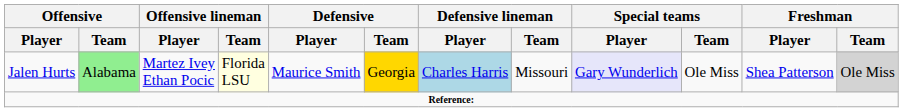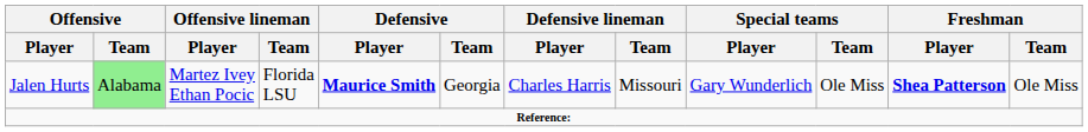 <table class="wikitable">
 <tr>
 <th colspan="2">Offensive</th>
 <th colspan="2">Offensive lineman</th>
 <th colspan="2">Defensive</th>
 <th colspan="2">Defensive lineman</th>
 <th colspan="2">Special teams</th>
 <th colspan="2">Freshman</th>
 </tr>
 <tr>
 <th>Player</th>
 <th>Team</th>
 <th>Player</th>
 <th>Team</th>
 <th>Player</th>
 <th>Team</th>
 <th>Player</th>
 <th>Team</th>
 <th>Player</th>
 <th>Team</th>
 <th>Player</th>
 <th>Team</th>
 </tr>
 <tr>
 <td><a href='#'>Jalen Hurts</a></td>
 <td style="background: lightgreen;">Alabama</td>
 <td><a href='#'>Martez Ivey</a><br><a href='#'>Ethan Pocic</a></td>
-<td style="background: lightyellow;">Florida<br>LSU</td>
-<td><a href='#'>Maurice Smith</a></td>
-<td style="background: gold;">Georgia</td>
-<td style="background: lightblue;"><a href='#'>Charles Harris</a></td>
+<td>Florida<br>LSU</td>
+<td><strong><a href='#'>Maurice Smith</a></strong></td>
+<td>Georgia</td>
+<td><a href='#'>Charles Harris</a></td>
 <td>Missouri</td>
-<td style="background: lavender;"><a href='#'>Gary Wunderlich</a></td>
+<td><a href='#'>Gary Wunderlich</a></td>
 <td>Ole Miss</td>
-<td><a href='#'>Shea Patterson</a></td>
-<td style="background: lightgrey;">Ole Miss</td>
+<td><strong><a href='#'>Shea Patterson</a></strong></td>
+<td>Ole Miss</td>
 </tr>
 <tr>
 <td colspan="12"  style="font-size:8pt; text-align:center;"><strong>Reference:</strong></td>
 </tr>
 </table>
